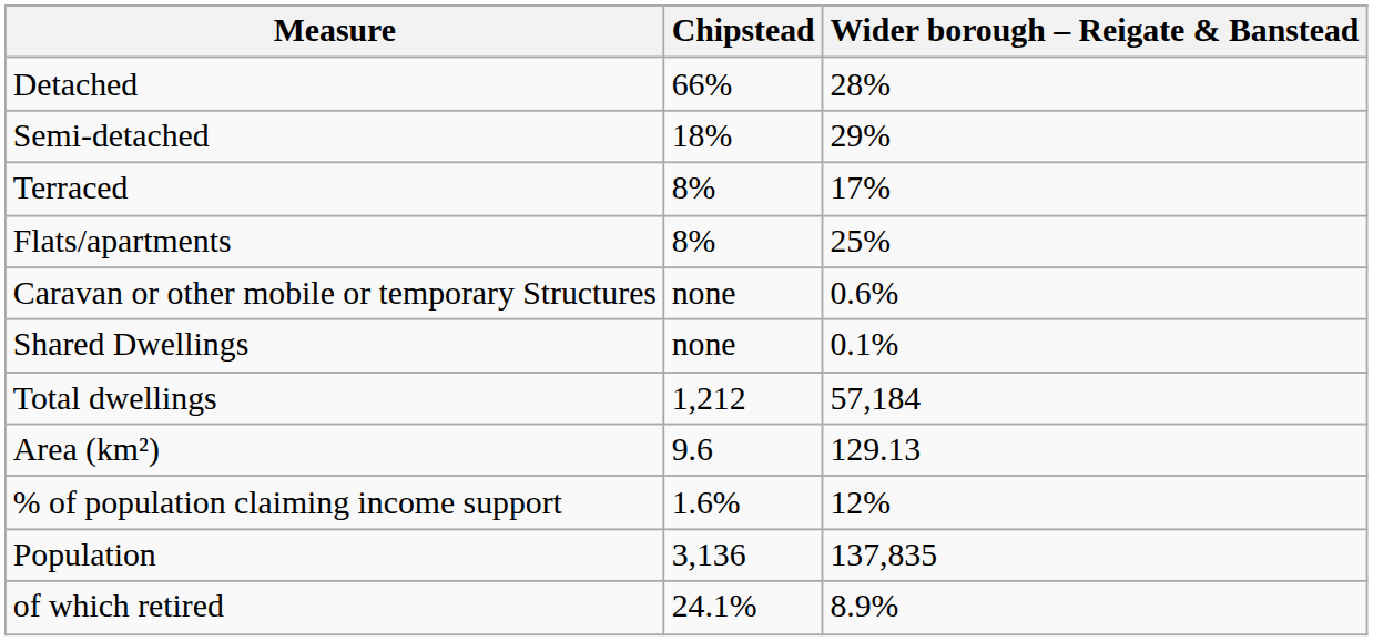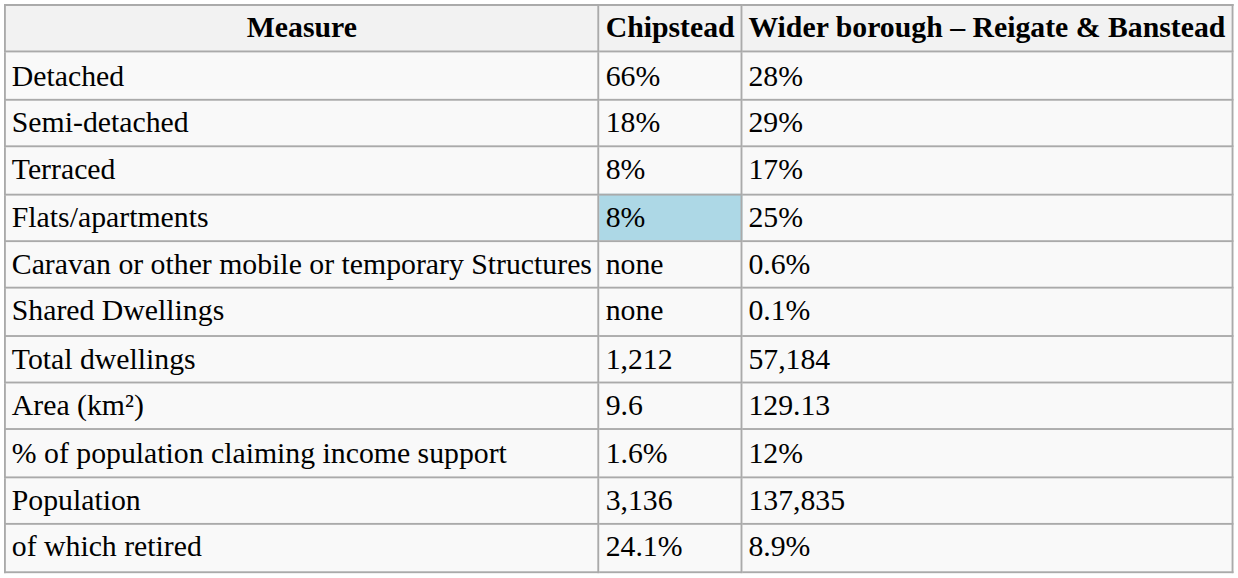 <table class="wikitable">
 <tr>
 </tr>
 <tr>
 <th>Measure</th>
 <th>Chipstead</th>
 <th>Wider borough – Reigate & Banstead</th>
 </tr>
 <tr>
 <td>Detached</td>
 <td>66%</td>
 <td>28%</td>
 </tr>
 <tr>
 <td>Semi-detached</td>
 <td>18%</td>
 <td>29%</td>
 </tr>
 <tr>
 <td>Terraced</td>
 <td>8%</td>
 <td>17%</td>
 </tr>
 <tr>
 <td>Flats/apartments</td>
-<td>8%</td>
+<td style="background: lightblue;">8%</td>
 <td>25%</td>
 </tr>
 <tr>
 <td>Caravan or other mobile or temporary Structures</td>
 <td>none</td>
 <td>0.6%</td>
 </tr>
 <tr>
 <td>Shared Dwellings</td>
 <td>none</td>
 <td>0.1%</td>
 </tr>
 <tr>
 <td>Total dwellings</td>
 <td>1,212</td>
 <td>57,184</td>
 </tr>
 <tr>
 <td>Area (km²)</td>
 <td>9.6</td>
 <td>129.13</td>
 </tr>
 <tr>
 <td>% of population claiming income support</td>
 <td>1.6%</td>
 <td>12%</td>
 </tr>
 <tr>
 <td>Population</td>
 <td>3,136</td>
 <td>137,835</td>
 </tr>
 <tr>
 <td>of which retired</td>
 <td>24.1%</td>
 <td>8.9%</td>
 </tr>
 </table>
